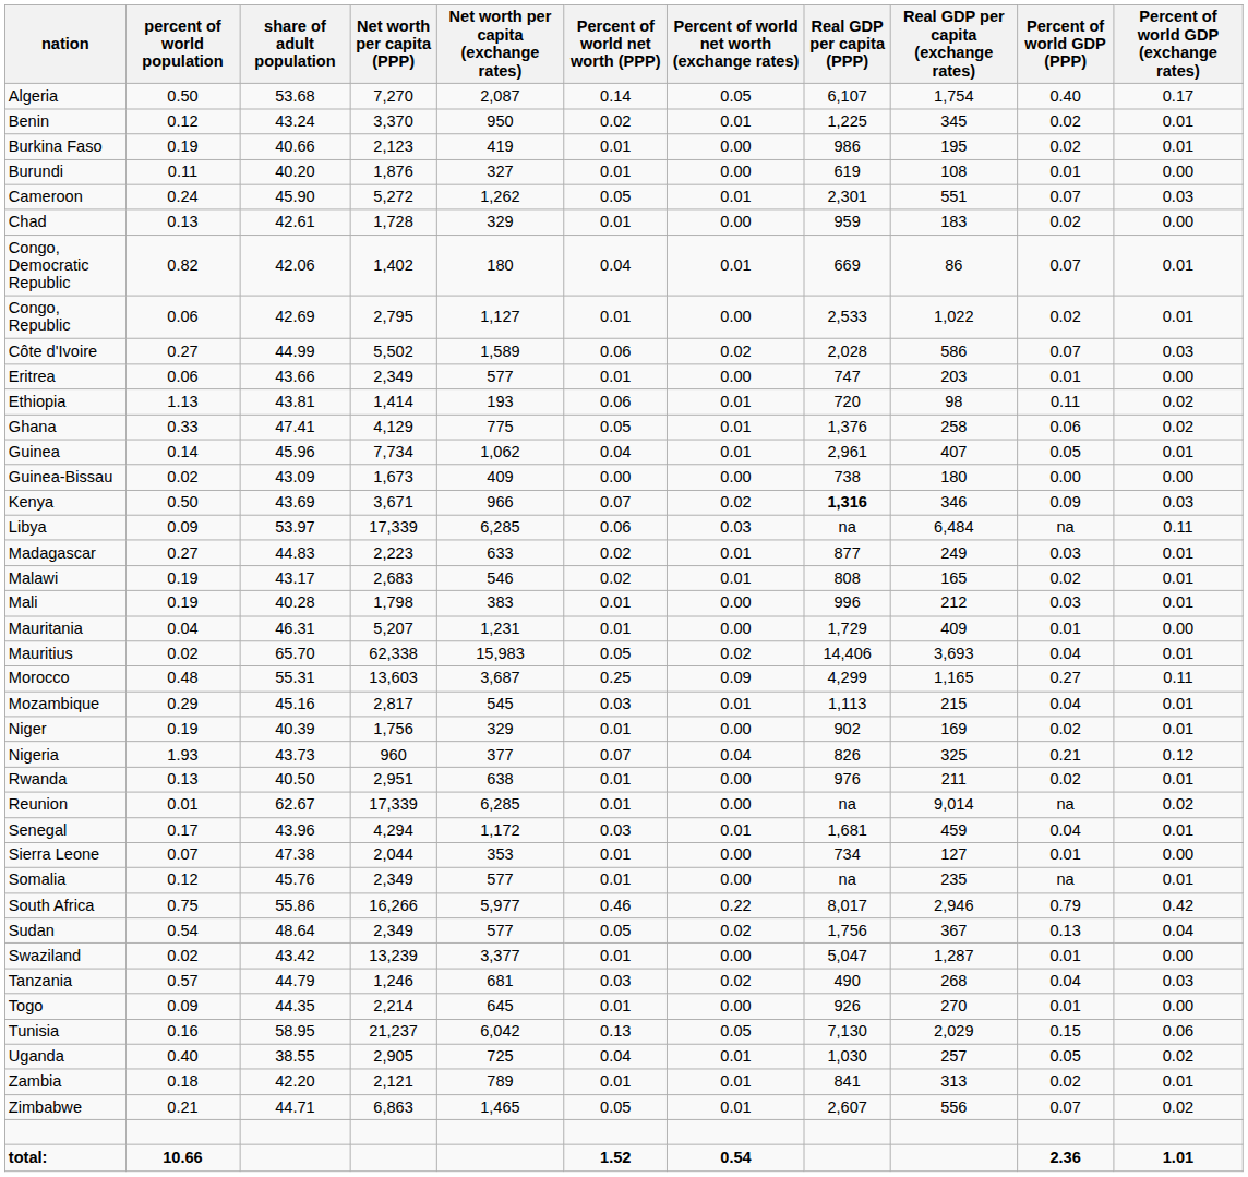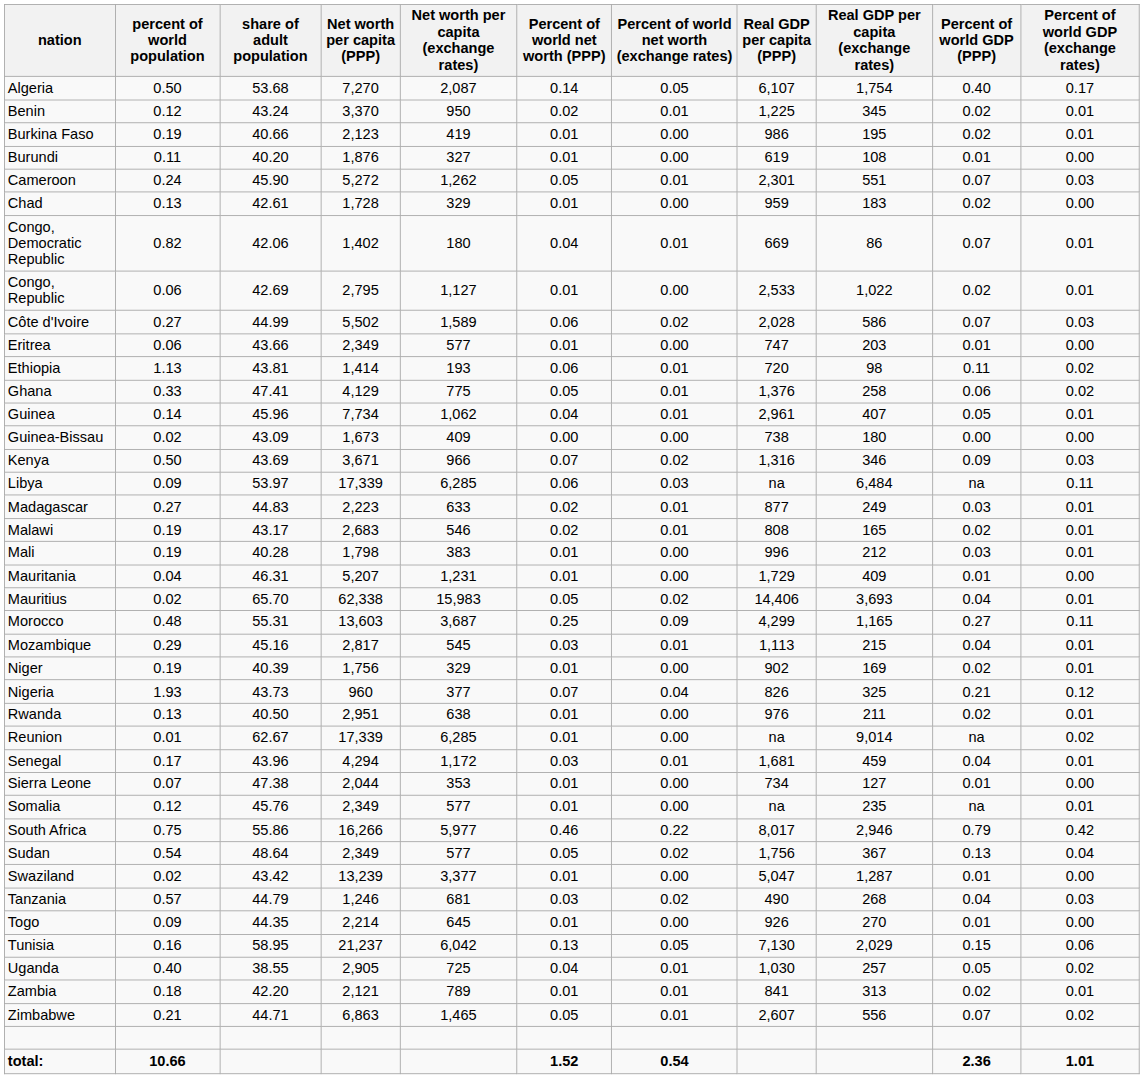 <table class="wikitable sortable" frame="VOID" rules="NONE" frame="VOID" rules="NONE">
 <tr>
 <th>nation</th>
 <th>percent of world population</th>
 <th>share of adult population</th>
 <th>Net worth per capita (PPP)</th>
 <th>Net worth per capita (exchange rates)</th>
 <th>Percent of world net worth (PPP)</th>
 <th>Percent of world net worth (exchange rates)</th>
 <th>Real GDP per capita (PPP)</th>
 <th>Real GDP per capita (exchange rates)</th>
 <th>Percent of world GDP (PPP)</th>
 <th>Percent of world GDP (exchange rates)</th>
 </tr>
 <tr>
 <td height="16" align="LEFT">Algeria</td>
 <td align="CENTER">0.50</td>
 <td align="CENTER">53.68</td>
 <td align="CENTER">7,270</td>
 <td align="CENTER">2,087</td>
 <td align="CENTER">0.14</td>
 <td align="CENTER">0.05</td>
 <td align="CENTER">6,107</td>
 <td align="CENTER">1,754</td>
 <td align="CENTER">0.40</td>
 <td align="CENTER">0.17</td>
 </tr>
 <tr>
 <td height="16" align="LEFT">Benin</td>
 <td align="CENTER">0.12</td>
 <td align="CENTER">43.24</td>
 <td align="CENTER">3,370</td>
 <td align="CENTER">950</td>
 <td align="CENTER">0.02</td>
 <td align="CENTER">0.01</td>
 <td align="CENTER">1,225</td>
 <td align="CENTER">345</td>
 <td align="CENTER">0.02</td>
 <td align="CENTER">0.01</td>
 </tr>
 <tr>
 <td height="17" align="LEFT">Burkina Faso</td>
 <td align="CENTER">0.19</td>
 <td align="CENTER">40.66</td>
 <td align="CENTER">2,123</td>
 <td align="CENTER">419</td>
 <td align="CENTER">0.01</td>
 <td align="CENTER">0.00</td>
 <td align="CENTER">986</td>
 <td align="CENTER">195</td>
 <td align="CENTER">0.02</td>
 <td align="CENTER">0.01</td>
 </tr>
 <tr>
 <td height="16" align="LEFT">Burundi</td>
 <td align="CENTER">0.11</td>
 <td align="CENTER">40.20</td>
 <td align="CENTER">1,876</td>
 <td align="CENTER">327</td>
 <td align="CENTER">0.01</td>
 <td align="CENTER">0.00</td>
 <td align="CENTER">619</td>
 <td align="CENTER">108</td>
 <td align="CENTER">0.01</td>
 <td align="CENTER">0.00</td>
 </tr>
 <tr>
 <td height="16" align="LEFT">Cameroon</td>
 <td align="CENTER">0.24</td>
 <td align="CENTER">45.90</td>
 <td align="CENTER">5,272</td>
 <td align="CENTER">1,262</td>
 <td align="CENTER">0.05</td>
 <td align="CENTER">0.01</td>
 <td align="CENTER">2,301</td>
 <td align="CENTER">551</td>
 <td align="CENTER">0.07</td>
 <td align="CENTER">0.03</td>
 </tr>
 <tr>
 <td height="16" align="LEFT">Chad</td>
 <td align="CENTER">0.13</td>
 <td align="CENTER">42.61</td>
 <td align="CENTER">1,728</td>
 <td align="CENTER">329</td>
 <td align="CENTER">0.01</td>
 <td align="CENTER">0.00</td>
 <td align="CENTER">959</td>
 <td align="CENTER">183</td>
 <td align="CENTER">0.02</td>
 <td align="CENTER">0.00</td>
 </tr>
 <tr>
 <td height="16" align="LEFT">Congo, Democratic Republic</td>
 <td align="CENTER">0.82</td>
 <td align="CENTER">42.06</td>
 <td align="CENTER">1,402</td>
 <td align="CENTER">180</td>
 <td align="CENTER">0.04</td>
 <td align="CENTER">0.01</td>
 <td align="CENTER">669</td>
 <td align="CENTER">86</td>
 <td align="CENTER">0.07</td>
 <td align="CENTER">0.01</td>
 </tr>
 <tr>
 <td height="16" align="LEFT">Congo, Republic</td>
 <td align="CENTER">0.06</td>
 <td align="CENTER">42.69</td>
 <td align="CENTER">2,795</td>
 <td align="CENTER">1,127</td>
 <td align="CENTER">0.01</td>
 <td align="CENTER">0.00</td>
 <td align="CENTER">2,533</td>
 <td align="CENTER">1,022</td>
 <td align="CENTER">0.02</td>
 <td align="CENTER">0.01</td>
 </tr>
 <tr>
 <td height="17" align="LEFT">Côte d'Ivoire</td>
 <td align="CENTER">0.27</td>
 <td align="CENTER">44.99</td>
 <td align="CENTER">5,502</td>
 <td align="CENTER">1,589</td>
 <td align="CENTER">0.06</td>
 <td align="CENTER">0.02</td>
 <td align="CENTER">2,028</td>
 <td align="CENTER">586</td>
 <td align="CENTER">0.07</td>
 <td align="CENTER">0.03</td>
 </tr>
 <tr>
 <td height="16" align="LEFT">Eritrea</td>
 <td align="CENTER">0.06</td>
 <td align="CENTER">43.66</td>
 <td align="CENTER">2,349</td>
 <td align="CENTER">577</td>
 <td align="CENTER">0.01</td>
 <td align="CENTER">0.00</td>
 <td align="CENTER">747</td>
 <td align="CENTER">203</td>
 <td align="CENTER">0.01</td>
 <td align="CENTER">0.00</td>
 </tr>
 <tr>
 <td height="16" align="LEFT">Ethiopia</td>
 <td align="CENTER">1.13</td>
 <td align="CENTER">43.81</td>
 <td align="CENTER">1,414</td>
 <td align="CENTER">193</td>
 <td align="CENTER">0.06</td>
 <td align="CENTER">0.01</td>
 <td align="CENTER">720</td>
 <td align="CENTER">98</td>
 <td align="CENTER">0.11</td>
 <td align="CENTER">0.02</td>
 </tr>
 <tr>
 <td height="16" align="LEFT">Ghana</td>
 <td align="CENTER">0.33</td>
 <td align="CENTER">47.41</td>
 <td align="CENTER">4,129</td>
 <td align="CENTER">775</td>
 <td align="CENTER">0.05</td>
 <td align="CENTER">0.01</td>
 <td align="CENTER">1,376</td>
 <td align="CENTER">258</td>
 <td align="CENTER">0.06</td>
 <td align="CENTER">0.02</td>
 </tr>
 <tr>
 <td height="16" align="LEFT">Guinea</td>
 <td align="CENTER">0.14</td>
 <td align="CENTER">45.96</td>
 <td align="CENTER">7,734</td>
 <td align="CENTER">1,062</td>
 <td align="CENTER">0.04</td>
 <td align="CENTER">0.01</td>
 <td align="CENTER">2,961</td>
 <td align="CENTER">407</td>
 <td align="CENTER">0.05</td>
 <td align="CENTER">0.01</td>
 </tr>
 <tr>
 <td height="16" align="LEFT">Guinea-Bissau</td>
 <td align="CENTER">0.02</td>
 <td align="CENTER">43.09</td>
 <td align="CENTER">1,673</td>
 <td align="CENTER">409</td>
 <td align="CENTER">0.00</td>
 <td align="CENTER">0.00</td>
 <td align="CENTER">738</td>
 <td align="CENTER">180</td>
 <td align="CENTER">0.00</td>
 <td align="CENTER">0.00</td>
 </tr>
 <tr>
 <td height="16" align="LEFT">Kenya</td>
 <td align="CENTER">0.50</td>
 <td align="CENTER">43.69</td>
 <td align="CENTER">3,671</td>
 <td align="CENTER">966</td>
 <td align="CENTER">0.07</td>
 <td align="CENTER">0.02</td>
-<td align="CENTER"><strong>1,316</strong></td>
+<td align="CENTER">1,316</td>
 <td align="CENTER">346</td>
 <td align="CENTER">0.09</td>
 <td align="CENTER">0.03</td>
 </tr>
 <tr>
 <td height="17" align="LEFT">Libya</td>
 <td align="CENTER">0.09</td>
 <td align="CENTER">53.97</td>
 <td align="CENTER">17,339</td>
 <td align="CENTER">6,285</td>
 <td align="CENTER">0.06</td>
 <td align="CENTER">0.03</td>
 <td align="CENTER">na</td>
 <td align="CENTER">6,484</td>
 <td align="CENTER">na</td>
 <td align="CENTER">0.11</td>
 </tr>
 <tr>
 <td height="16" align="LEFT">Madagascar</td>
 <td align="CENTER">0.27</td>
 <td align="CENTER">44.83</td>
 <td align="CENTER">2,223</td>
 <td align="CENTER">633</td>
 <td align="CENTER">0.02</td>
 <td align="CENTER">0.01</td>
 <td align="CENTER">877</td>
 <td align="CENTER">249</td>
 <td align="CENTER">0.03</td>
 <td align="CENTER">0.01</td>
 </tr>
 <tr>
 <td height="16" align="LEFT">Malawi</td>
 <td align="CENTER">0.19</td>
 <td align="CENTER">43.17</td>
 <td align="CENTER">2,683</td>
 <td align="CENTER">546</td>
 <td align="CENTER">0.02</td>
 <td align="CENTER">0.01</td>
 <td align="CENTER">808</td>
 <td align="CENTER">165</td>
 <td align="CENTER">0.02</td>
 <td align="CENTER">0.01</td>
 </tr>
 <tr>
 <td height="16" align="LEFT">Mali</td>
 <td align="CENTER">0.19</td>
 <td align="CENTER">40.28</td>
 <td align="CENTER">1,798</td>
 <td align="CENTER">383</td>
 <td align="CENTER">0.01</td>
 <td align="CENTER">0.00</td>
 <td align="CENTER">996</td>
 <td align="CENTER">212</td>
 <td align="CENTER">0.03</td>
 <td align="CENTER">0.01</td>
 </tr>
 <tr>
 <td height="16" align="LEFT">Mauritania</td>
 <td align="CENTER">0.04</td>
 <td align="CENTER">46.31</td>
 <td align="CENTER">5,207</td>
 <td align="CENTER">1,231</td>
 <td align="CENTER">0.01</td>
 <td align="CENTER">0.00</td>
 <td align="CENTER">1,729</td>
 <td align="CENTER">409</td>
 <td align="CENTER">0.01</td>
 <td align="CENTER">0.00</td>
 </tr>
 <tr>
 <td height="16" align="LEFT">Mauritius</td>
 <td align="CENTER">0.02</td>
 <td align="CENTER">65.70</td>
 <td align="CENTER">62,338</td>
 <td align="CENTER">15,983</td>
 <td align="CENTER">0.05</td>
 <td align="CENTER">0.02</td>
 <td align="CENTER">14,406</td>
 <td align="CENTER">3,693</td>
 <td align="CENTER">0.04</td>
 <td align="CENTER">0.01</td>
 </tr>
 <tr>
 <td height="16" align="LEFT">Morocco</td>
 <td align="CENTER">0.48</td>
 <td align="CENTER">55.31</td>
 <td align="CENTER">13,603</td>
 <td align="CENTER">3,687</td>
 <td align="CENTER">0.25</td>
 <td align="CENTER">0.09</td>
 <td align="CENTER">4,299</td>
 <td align="CENTER">1,165</td>
 <td align="CENTER">0.27</td>
 <td align="CENTER">0.11</td>
 </tr>
 <tr>
 <td height="16" align="LEFT">Mozambique</td>
 <td align="CENTER">0.29</td>
 <td align="CENTER">45.16</td>
 <td align="CENTER">2,817</td>
 <td align="CENTER">545</td>
 <td align="CENTER">0.03</td>
 <td align="CENTER">0.01</td>
 <td align="CENTER">1,113</td>
 <td align="CENTER">215</td>
 <td align="CENTER">0.04</td>
 <td align="CENTER">0.01</td>
 </tr>
 <tr>
 <td height="16" align="LEFT">Niger</td>
 <td align="CENTER">0.19</td>
 <td align="CENTER">40.39</td>
 <td align="CENTER">1,756</td>
 <td align="CENTER">329</td>
 <td align="CENTER">0.01</td>
 <td align="CENTER">0.00</td>
 <td align="CENTER">902</td>
 <td align="CENTER">169</td>
 <td align="CENTER">0.02</td>
 <td align="CENTER">0.01</td>
 </tr>
 <tr>
 <td height="16" align="LEFT">Nigeria</td>
 <td align="CENTER">1.93</td>
 <td align="CENTER">43.73</td>
 <td align="CENTER">960</td>
 <td align="CENTER">377</td>
 <td align="CENTER">0.07</td>
 <td align="CENTER">0.04</td>
 <td align="CENTER">826</td>
 <td align="CENTER">325</td>
 <td align="CENTER">0.21</td>
 <td align="CENTER">0.12</td>
 </tr>
 <tr>
 <td height="16" align="LEFT">Rwanda</td>
 <td align="CENTER">0.13</td>
 <td align="CENTER">40.50</td>
 <td align="CENTER">2,951</td>
 <td align="CENTER">638</td>
 <td align="CENTER">0.01</td>
 <td align="CENTER">0.00</td>
 <td align="CENTER">976</td>
 <td align="CENTER">211</td>
 <td align="CENTER">0.02</td>
 <td align="CENTER">0.01</td>
 </tr>
 <tr>
 <td height="17" align="LEFT">Reunion</td>
 <td align="CENTER">0.01</td>
 <td align="CENTER">62.67</td>
 <td align="CENTER">17,339</td>
 <td align="CENTER">6,285</td>
 <td align="CENTER">0.01</td>
 <td align="CENTER">0.00</td>
 <td align="CENTER">na</td>
 <td align="CENTER">9,014</td>
 <td align="CENTER">na</td>
 <td align="CENTER">0.02</td>
 </tr>
 <tr>
 <td height="16" align="LEFT">Senegal</td>
 <td align="CENTER">0.17</td>
 <td align="CENTER">43.96</td>
 <td align="CENTER">4,294</td>
 <td align="CENTER">1,172</td>
 <td align="CENTER">0.03</td>
 <td align="CENTER">0.01</td>
 <td align="CENTER">1,681</td>
 <td align="CENTER">459</td>
 <td align="CENTER">0.04</td>
 <td align="CENTER">0.01</td>
 </tr>
 <tr>
 <td height="16" align="LEFT">Sierra Leone</td>
 <td align="CENTER">0.07</td>
 <td align="CENTER">47.38</td>
 <td align="CENTER">2,044</td>
 <td align="CENTER">353</td>
 <td align="CENTER">0.01</td>
 <td align="CENTER">0.00</td>
 <td align="CENTER">734</td>
 <td align="CENTER">127</td>
 <td align="CENTER">0.01</td>
 <td align="CENTER">0.00</td>
 </tr>
 <tr>
 <td height="17" align="LEFT">Somalia</td>
 <td align="CENTER">0.12</td>
 <td align="CENTER">45.76</td>
 <td align="CENTER">2,349</td>
 <td align="CENTER">577</td>
 <td align="CENTER">0.01</td>
 <td align="CENTER">0.00</td>
 <td align="CENTER">na</td>
 <td align="CENTER">235</td>
 <td align="CENTER">na</td>
 <td align="CENTER">0.01</td>
 </tr>
 <tr>
 <td height="16" align="LEFT">South Africa</td>
 <td align="CENTER">0.75</td>
 <td align="CENTER">55.86</td>
 <td align="CENTER">16,266</td>
 <td align="CENTER">5,977</td>
 <td align="CENTER">0.46</td>
 <td align="CENTER">0.22</td>
 <td align="CENTER">8,017</td>
 <td align="CENTER">2,946</td>
 <td align="CENTER">0.79</td>
 <td align="CENTER">0.42</td>
 </tr>
 <tr>
 <td height="16" align="LEFT">Sudan</td>
 <td align="CENTER">0.54</td>
 <td align="CENTER">48.64</td>
 <td align="CENTER">2,349</td>
 <td align="CENTER">577</td>
 <td align="CENTER">0.05</td>
 <td align="CENTER">0.02</td>
 <td align="CENTER">1,756</td>
 <td align="CENTER">367</td>
 <td align="CENTER">0.13</td>
 <td align="CENTER">0.04</td>
 </tr>
 <tr>
 <td height="16" align="LEFT">Swaziland</td>
 <td align="CENTER">0.02</td>
 <td align="CENTER">43.42</td>
 <td align="CENTER">13,239</td>
 <td align="CENTER">3,377</td>
 <td align="CENTER">0.01</td>
 <td align="CENTER">0.00</td>
 <td align="CENTER">5,047</td>
 <td align="CENTER">1,287</td>
 <td align="CENTER">0.01</td>
 <td align="CENTER">0.00</td>
 </tr>
 <tr>
 <td height="16" align="LEFT">Tanzania</td>
 <td align="CENTER">0.57</td>
 <td align="CENTER">44.79</td>
 <td align="CENTER">1,246</td>
 <td align="CENTER">681</td>
 <td align="CENTER">0.03</td>
 <td align="CENTER">0.02</td>
 <td align="CENTER">490</td>
 <td align="CENTER">268</td>
 <td align="CENTER">0.04</td>
 <td align="CENTER">0.03</td>
 </tr>
 <tr>
 <td height="16" align="LEFT">Togo</td>
 <td align="CENTER">0.09</td>
 <td align="CENTER">44.35</td>
 <td align="CENTER">2,214</td>
 <td align="CENTER">645</td>
 <td align="CENTER">0.01</td>
 <td align="CENTER">0.00</td>
 <td align="CENTER">926</td>
 <td align="CENTER">270</td>
 <td align="CENTER">0.01</td>
 <td align="CENTER">0.00</td>
 </tr>
 <tr>
 <td height="16" align="LEFT">Tunisia</td>
 <td align="CENTER">0.16</td>
 <td align="CENTER">58.95</td>
 <td align="CENTER">21,237</td>
 <td align="CENTER">6,042</td>
 <td align="CENTER">0.13</td>
 <td align="CENTER">0.05</td>
 <td align="CENTER">7,130</td>
 <td align="CENTER">2,029</td>
 <td align="CENTER">0.15</td>
 <td align="CENTER">0.06</td>
 </tr>
 <tr>
 <td height="16" align="LEFT">Uganda</td>
 <td align="CENTER">0.40</td>
 <td align="CENTER">38.55</td>
 <td align="CENTER">2,905</td>
 <td align="CENTER">725</td>
 <td align="CENTER">0.04</td>
 <td align="CENTER">0.01</td>
 <td align="CENTER">1,030</td>
 <td align="CENTER">257</td>
 <td align="CENTER">0.05</td>
 <td align="CENTER">0.02</td>
 </tr>
 <tr>
 <td height="16" align="LEFT">Zambia</td>
 <td align="CENTER">0.18</td>
 <td align="CENTER">42.20</td>
 <td align="CENTER">2,121</td>
 <td align="CENTER">789</td>
 <td align="CENTER">0.01</td>
 <td align="CENTER">0.01</td>
 <td align="CENTER">841</td>
 <td align="CENTER">313</td>
 <td align="CENTER">0.02</td>
 <td align="CENTER">0.01</td>
 </tr>
 <tr>
 <td height="16" align="LEFT">Zimbabwe</td>
 <td align="CENTER">0.21</td>
 <td align="CENTER">44.71</td>
 <td align="CENTER">6,863</td>
 <td align="CENTER">1,465</td>
 <td align="CENTER">0.05</td>
 <td align="CENTER">0.01</td>
 <td align="CENTER">2,607</td>
 <td align="CENTER">556</td>
 <td align="CENTER">0.07</td>
 <td align="CENTER">0.02</td>
 </tr>
 <tr>
 <td height="16" align="LEFT"><br></td>
 <td align="CENTER"><br></td>
 <td align="CENTER"><br></td>
 <td align="CENTER"><br></td>
 <td align="CENTER"><br></td>
 <td align="CENTER"><br></td>
 <td align="CENTER"><br></td>
 <td align="CENTER"><br></td>
 <td align="CENTER"><br></td>
 <td align="CENTER"><br></td>
 <td align="CENTER"><br></td>
 </tr>
 <tr class="sortbottom">
 <td height="19" align="LEFT"><strong><span>total:</span></strong></td>
 <td align="CENTER"><strong><span>10.66</span></strong></td>
 <td align="CENTER"><strong><span><br></span></strong></td>
 <td align="CENTER"><strong><span><br></span></strong></td>
 <td align="CENTER"><strong><span><br></span></strong></td>
 <td align="CENTER"><strong><span>1.52</span></strong></td>
 <td align="CENTER"><strong><span>0.54</span></strong></td>
 <td align="CENTER"><strong><span><br></span></strong></td>
 <td align="CENTER"><strong><span><br></span></strong></td>
 <td align="CENTER"><strong><span>2.36</span></strong></td>
 <td align="CENTER"><strong><span>1.01</span></strong></td>
 </tr>
 </table>
